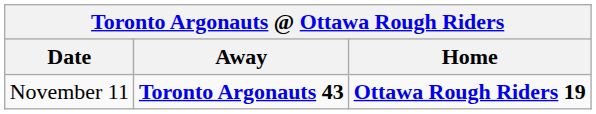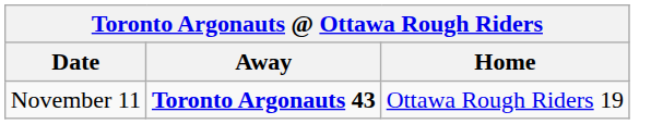 <table class="wikitable">
 <tr>
 <th colspan="3"><a href='#'>Toronto Argonauts</a> @ <a href='#'>Ottawa Rough Riders</a></th>
 </tr>
 <tr>
 <th>Date</th>
 <th>Away</th>
 <th>Home</th>
 </tr>
 <tr>
 <td>November 11</td>
 <td><strong><a href='#'>Toronto Argonauts</a> 43</strong></td>
-<td><strong><a href='#'>Ottawa Rough Riders</a> 19</strong></td>
+<td><a href='#'>Ottawa Rough Riders</a> 19</td>
 </tr>
 </table>
